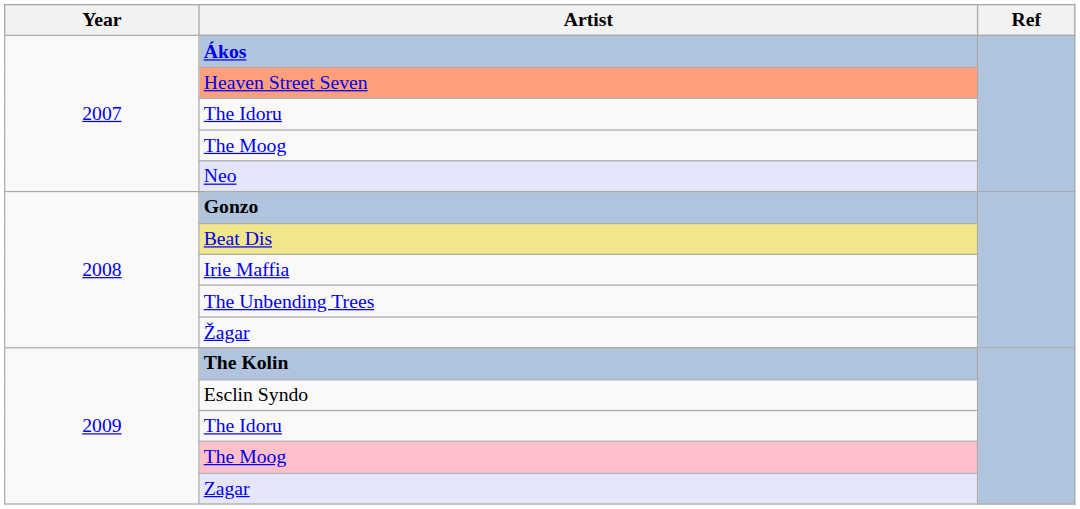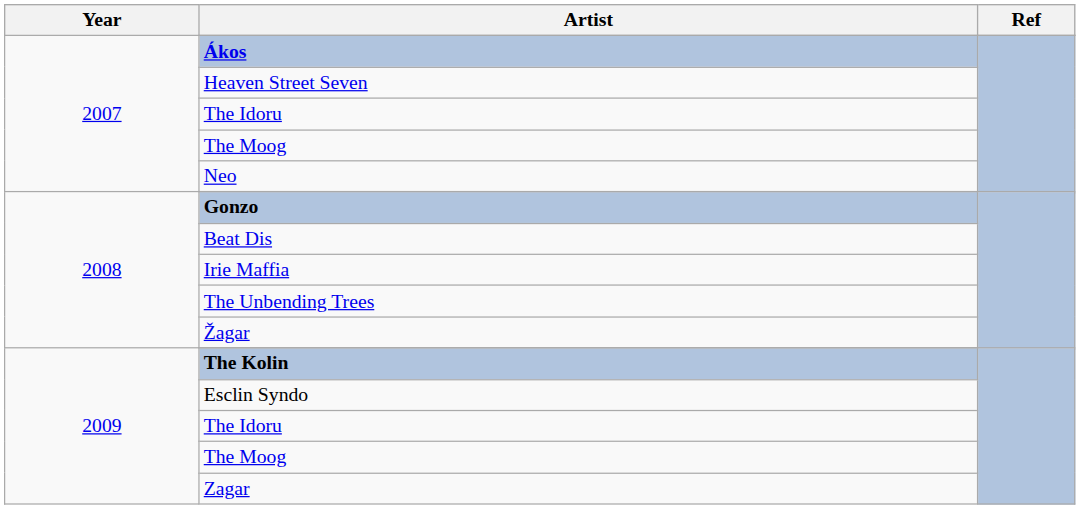 <table class="wikitable" style="width:55%;">
 <tr style="background:#bebebe;">
 <th style="width:10%;">Year</th>
 <th style="width:40%;">Artist</th>
 <th style="width:5%;">Ref</th>
 </tr>
 <tr>
 <td rowspan="6" align="center"><a href='#'>2007</a></td>
 </tr>
 <tr style="background:#B0C4DE">
 <td><strong><a href='#'>Ákos</a></strong></td>
 <td rowspan="6" align="center"></td>
 </tr>
 <tr>
-<td style="background: lightsalmon;"><a href='#'>Heaven Street Seven</a></td>
+<td><a href='#'>Heaven Street Seven</a></td>
 </tr>
 <tr>
 <td><a href='#'>The Idoru</a></td>
 </tr>
 <tr>
 <td><a href='#'>The Moog</a></td>
 </tr>
 <tr>
-<td style="background: lavender;"><a href='#'>Neo</a></td>
+<td><a href='#'>Neo</a></td>
 </tr>
 <tr>
 <td rowspan="6" align="center"><a href='#'>2008</a></td>
 </tr>
 <tr style="background:#B0C4DE">
 <td><strong>Gonzo</strong></td>
 <td rowspan="6" align="center"></td>
 </tr>
 <tr>
-<td style="background: khaki;"><a href='#'>Beat Dis</a></td>
+<td><a href='#'>Beat Dis</a></td>
 </tr>
 <tr>
 <td><a href='#'>Irie Maffia</a></td>
 </tr>
 <tr>
 <td><a href='#'>The Unbending Trees</a></td>
 </tr>
 <tr>
 <td><a href='#'>Žagar</a></td>
 </tr>
 <tr>
 <td rowspan="6" align="center"><a href='#'>2009</a></td>
 </tr>
 <tr style="background:#B0C4DE">
 <td><strong>The Kolin</strong></td>
 <td rowspan="6" align="center"></td>
 </tr>
 <tr>
 <td>Esclin Syndo</td>
 </tr>
 <tr>
 <td><a href='#'>The Idoru</a></td>
 </tr>
 <tr>
-<td style="background: pink;"><a href='#'>The Moog</a></td>
+<td><a href='#'>The Moog</a></td>
 </tr>
 <tr>
-<td style="background: lavender;"><a href='#'>Zagar</a></td>
+<td><a href='#'>Zagar</a></td>
 </tr>
 </table>
